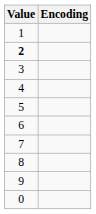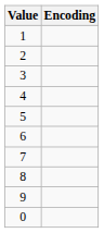 <table class="wikitable" style="float:right; margin-left:1ex;">
 <tr>
 <th>Value</th>
 <th>Encoding</th>
 </tr>
 <tr>
 <td align=center>1</td>
 <td align=center></td>
 </tr>
 <tr>
-<td align=center><strong>2</strong></td>
+<td align=center>2</td>
 <td align=center></td>
 </tr>
 <tr>
 <td align=center>3</td>
 <td align=center></td>
 </tr>
 <tr>
 <td align=center>4</td>
 <td align=center></td>
 </tr>
 <tr>
 <td align=center>5</td>
 <td align=center></td>
 </tr>
 <tr>
 <td align=center>6</td>
 <td align=center></td>
 </tr>
 <tr>
 <td align=center>7</td>
 <td align=center></td>
 </tr>
 <tr>
 <td align=center>8</td>
 <td align=center></td>
 </tr>
 <tr>
 <td align=center>9</td>
 <td align=center></td>
 </tr>
 <tr>
 <td align=center>0</td>
 <td align=center></td>
 </tr>
 </table>
